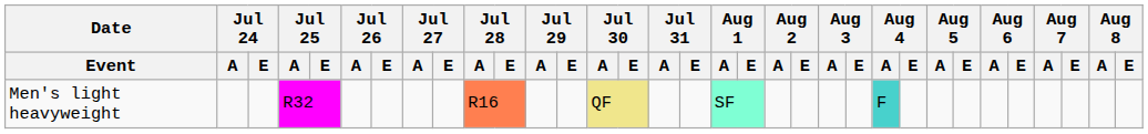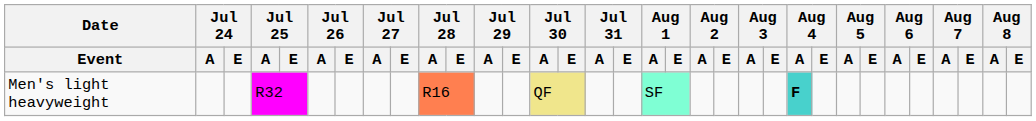 <table class="wikitable olympic-schedule Boxing">
 <tr>
 <th>Date</th>
 <th colspan="2">Jul 24</th>
 <th colspan="2">Jul 25</th>
 <th colspan="2">Jul 26</th>
 <th colspan="2">Jul 27</th>
 <th colspan="2">Jul 28</th>
 <th colspan="2">Jul 29</th>
 <th colspan="2">Jul 30</th>
 <th colspan="2">Jul 31</th>
 <th colspan="2">Aug 1</th>
 <th colspan="2">Aug 2</th>
 <th colspan="2">Aug 3</th>
 <th colspan="2">Aug 4</th>
 <th colspan="2">Aug 5</th>
 <th colspan="2">Aug 6</th>
 <th colspan="2">Aug 7</th>
 <th colspan="2">Aug 8</th>
 </tr>
 <tr>
 <th>Event</th>
 <th>A</th>
 <th>E</th>
 <th>A</th>
 <th>E</th>
 <th>A</th>
 <th>E</th>
 <th>A</th>
 <th>E</th>
 <th>A</th>
 <th>E</th>
 <th>A</th>
 <th>E</th>
 <th>A</th>
 <th>E</th>
 <th>A</th>
 <th>E</th>
 <th>A</th>
 <th>E</th>
 <th>A</th>
 <th>E</th>
 <th>A</th>
 <th>E</th>
 <th>A</th>
 <th>E</th>
 <th>A</th>
 <th>E</th>
 <th>A</th>
 <th>E</th>
 <th>A</th>
 <th>E</th>
 <th>A</th>
 <th>E</th>
 </tr>
 <tr>
 <td class="event">Men's light heavyweight</td>
 <td></td>
 <td></td>
 <td colspan="2" bgcolor="#FF00FF" class="roundof32">R32</td>
 <td></td>
 <td></td>
 <td></td>
 <td></td>
 <td colspan="2" bgcolor="#FF7F50" class="roundof16">R16</td>
 <td></td>
 <td></td>
 <td colspan="2" bgcolor="#F0E68C" class="quarterfinals">QF</td>
 <td></td>
 <td></td>
 <td colspan="2" bgcolor="#7FFFD4" class="semifinals">SF</td>
 <td></td>
 <td></td>
 <td></td>
 <td></td>
-<td bgcolor="#48D1CC" class="final">F</td>
+<td bgcolor="#48D1CC" class="final"><strong>F</strong></td>
 <td></td>
 <td></td>
 <td></td>
 <td></td>
 <td></td>
 <td></td>
 <td></td>
 <td></td>
 <td></td>
 </tr>
 </table>
